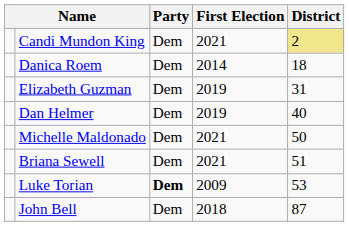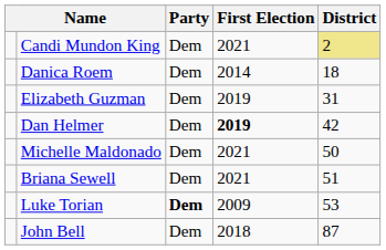 <table class=wikitable style="float:left">
 <tr>
 <th colspan=2 align=center>Name</th>
 <th valign=bottom>Party</th>
 <th valign=bottom>First Election</th>
 <th valign=bottom>District</th>
 </tr>
 <tr>
 <td style="background-color:"> </td>
 <td><a href='#'>Candi Mundon King</a></td>
 <td>Dem</td>
 <td>2021</td>
 <td style="background: khaki;">2</td>
 </tr>
 <tr>
 <td style="background-color:"></td>
 <td><a href='#'>Danica Roem</a></td>
 <td>Dem</td>
 <td>2014</td>
 <td>18</td>
 </tr>
 <tr>
 <td style="background-color:"> </td>
 <td><a href='#'>Elizabeth Guzman</a></td>
 <td>Dem</td>
 <td>2019</td>
 <td>31</td>
 </tr>
 <tr>
 <td style="background-color:"> </td>
 <td><a href='#'>Dan Helmer</a></td>
 <td>Dem</td>
-<td>2019</td>
-<td>40</td>
+<td><strong>2019</strong></td>
+<td>42</td>
 </tr>
 <tr>
 <td style="background-color:"> </td>
 <td><a href='#'>Michelle Maldonado</a></td>
 <td>Dem</td>
 <td>2021</td>
 <td>50</td>
 </tr>
 <tr>
 <td style="background-color:"> </td>
 <td><a href='#'>Briana Sewell</a></td>
 <td>Dem</td>
 <td>2021</td>
 <td>51</td>
 </tr>
 <tr>
 <td style="background-color:"> </td>
 <td><a href='#'>Luke Torian</a></td>
 <td><strong>Dem</strong></td>
 <td>2009</td>
 <td>53</td>
 </tr>
 <tr>
 <td style="background-color:"> </td>
 <td><a href='#'>John Bell</a></td>
 <td>Dem</td>
 <td>2018</td>
 <td>87</td>
 </tr>
 </table>
